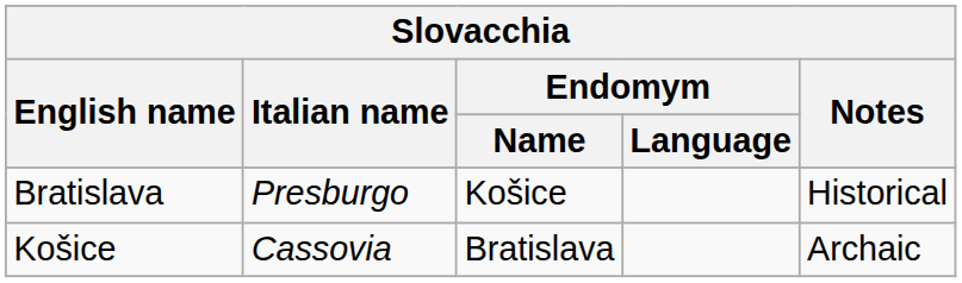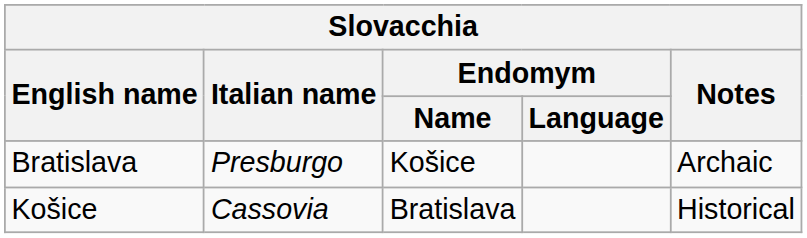 <table class="wikitable sortable">
 <tr>
 <th colspan="5"> Slovacchia</th>
 </tr>
 <tr>
 <th rowspan="2">English name</th>
 <th rowspan="2">Italian name</th>
 <th colspan="2">Endomym</th>
 <th rowspan="2">Notes</th>
 </tr>
 <tr>
 <th>Name</th>
 <th>Language</th>
 </tr>
 <tr>
 <td>Bratislava</td>
 <td><em>Presburgo</em></td>
 <td>Košice</td>
 <td></td>
-<td>Historical</td>
+<td>Archaic</td>
 </tr>
 <tr>
 <td>Košice</td>
 <td><em>Cassovia</em></td>
 <td>Bratislava</td>
 <td></td>
-<td>Archaic</td>
+<td>Historical</td>
 </tr>
 </table>
